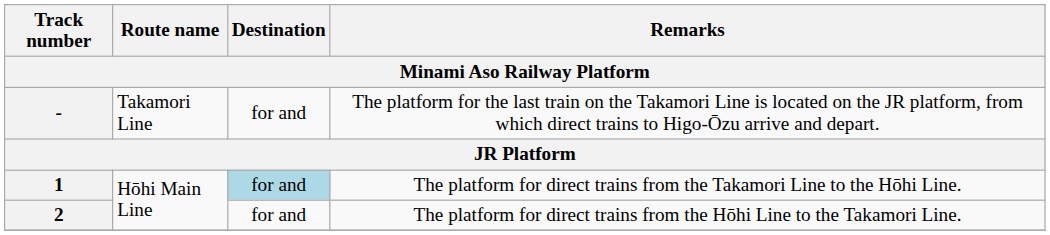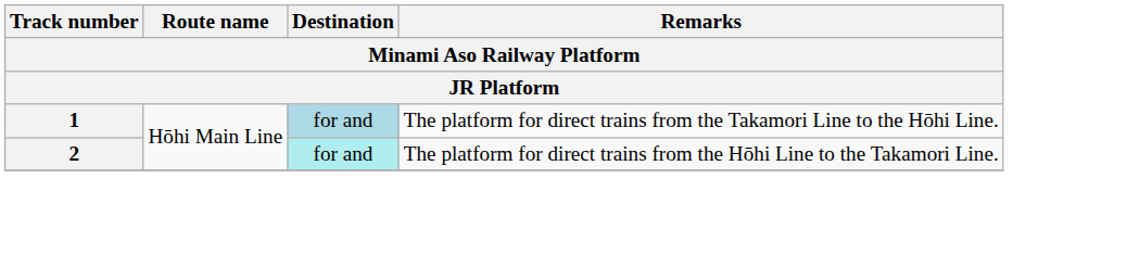 <table class="wikitable">
 <tr>
 <th>Track number</th>
 <th>Route name</th>
 <th>Destination</th>
 <th>Remarks</th>
 </tr>
 <tr>
 <th colspan="4">Minami Aso Railway Platform</th>
-</tr>
-<tr>
-<th>- </th>
-<td>Takamori Line</td>
-<td style="text-align:center">for  and </td>
-<td style="text-align:center">The platform for the last train on the Takamori Line is located on the JR platform, from which direct trains to Higo-Ōzu arrive and depart.</td>
 </tr>
 <tr>
 <th colspan="4">JR Platform</th>
 </tr>
 <tr>
 <th>1</th>
 <td rowspan="2">Hōhi Main Line</td>
 <td style="background: lightblue; text-align:center">for  and </td>
 <td style="text-align:center">The platform for direct trains from the Takamori Line to the Hōhi Line.</td>
 </tr>
 <tr>
 <th>2</th>
-<td style="text-align:center">for  and </td>
+<td style="background: paleturquoise; text-align:center">for  and </td>
 <td style="text-align:center">The platform for direct trains from the Hōhi Line to the Takamori Line.</td>
 </tr>
 <tr>
 </tr>
 </table>
